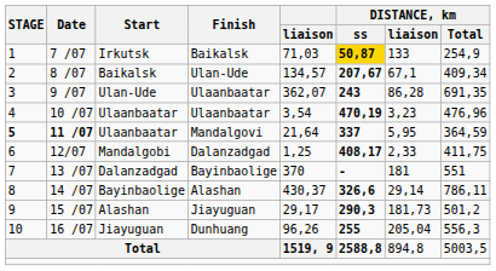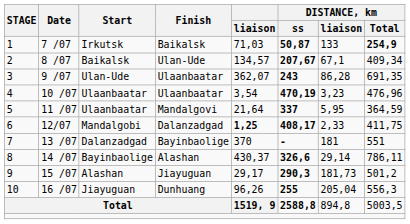 <table class="wikitable">
 <tr>
 <th rowspan="2">STAGE</th>
 <th rowspan="2">Date</th>
 <th rowspan="2">Start</th>
 <th rowspan="2">Finish</th>
 <th></th>
 <th colspan="3">DISTANCE, km</th>
 </tr>
 <tr>
 <th>liaison</th>
 <th>ss</th>
 <th>liaison</th>
 <th>Total</th>
 </tr>
 <tr>
 <td>1</td>
 <td>7 /07</td>
 <td> Irkutsk</td>
 <td> Baikalsk</td>
 <td>71,03</td>
-<td style="background: gold;"><strong>50,87</strong></td>
+<td><strong>50,87</strong></td>
 <td>133</td>
-<td>254,9</td>
+<td><strong>254,9</strong></td>
 </tr>
 <tr>
 <td>2</td>
 <td>8 /07</td>
 <td>Baikalsk</td>
 <td> Ulan-Ude</td>
 <td>134,57</td>
 <td><strong>207,67</strong></td>
 <td>67,1</td>
 <td>409,34</td>
 </tr>
 <tr>
 <td>3</td>
 <td>9 /07</td>
 <td> Ulan-Ude</td>
 <td> Ulaanbaatar</td>
 <td>362,07</td>
 <td><strong>243</strong></td>
 <td>86,28</td>
 <td>691,35</td>
 </tr>
 <tr>
 <td>4</td>
 <td>10 /07</td>
 <td>Ulaanbaatar</td>
 <td>Ulaanbaatar</td>
 <td>3,54</td>
 <td><strong>470,19</strong></td>
 <td>3,23</td>
 <td>476,96</td>
 </tr>
 <tr>
-<td><strong>5</strong></td>
-<td><strong>11 /07</strong></td>
+<td>5</td>
+<td>11 /07</td>
 <td>Ulaanbaatar</td>
 <td>Mandalgovi</td>
 <td>21,64</td>
 <td><strong>337</strong></td>
 <td>5,95</td>
 <td>364,59</td>
 </tr>
 <tr>
 <td>6</td>
 <td>12/07</td>
 <td>Mandalgobi</td>
 <td>Dalanzadgad</td>
-<td>1,25</td>
+<td><strong>1,25</strong></td>
 <td><strong>408,17</strong></td>
 <td>2,33</td>
 <td>411,75</td>
 </tr>
 <tr>
 <td>7</td>
 <td>13 /07</td>
 <td>Dalanzadgad</td>
 <td>Bayinbaolige</td>
 <td>370</td>
 <td><strong>-</strong></td>
 <td>181</td>
 <td>551</td>
 </tr>
 <tr>
 <td>8</td>
 <td>14 /07</td>
 <td>Bayinbaolige</td>
 <td>Alashan</td>
 <td>430,37</td>
 <td><strong>326,6</strong></td>
 <td>29,14</td>
 <td>786,11</td>
 </tr>
 <tr>
 <td>9</td>
 <td>15 /07</td>
 <td>Alashan</td>
 <td>Jiayuguan</td>
 <td>29,17</td>
 <td><strong>290,3</strong></td>
 <td>181,73</td>
 <td>501,2</td>
 </tr>
 <tr>
 <td>10</td>
 <td>16 /07</td>
 <td>Jiayuguan</td>
 <td>Dunhuang</td>
 <td>96,26</td>
 <td><strong>255</strong></td>
 <td>205,04</td>
 <td>556,3</td>
 </tr>
 <tr>
 <th colspan="4">Total</th>
 <th>1519, 9</th>
 <td><strong>2588,8</strong></td>
 <td>894,8</td>
 <td>5003,5</td>
 </tr>
 <tr>
 <td colspan="8"></td>
 </tr>
 </table>
